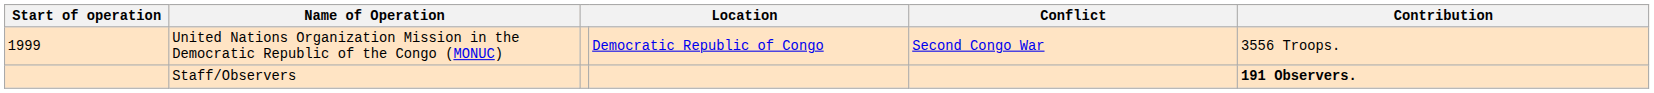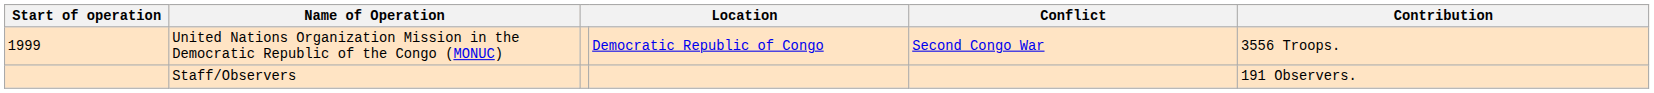 <table class="wikitable" width="98%">
 <tr bgcolor=#FFE4C4>
 <th width="10%"><strong>Start of operation</strong></th>
 <th width="25%"><strong>Name of Operation</strong></th>
 <th colspan=2; width="20%"><strong>Location</strong></th>
 <th width="20%"><strong>Conflict</strong></th>
 <th width="40%"><strong>Contribution</strong></th>
 </tr>
 <tr bgcolor=#FFE4C4>
 <td>1999</td>
 <td>United Nations Organization Mission in the Democratic Republic of the Congo (<a href='#'>MONUC</a>)</td>
 <td></td>
 <td><a href='#'>Democratic Republic of Congo</a></td>
 <td><a href='#'>Second Congo War</a></td>
 <td>3556 Troops.</td>
 </tr>
 <tr bgcolor=#FFE4C4>
 <td></td>
 <td>Staff/Observers</td>
 <td></td>
 <td></td>
 <td></td>
-<td><strong>191 Observers.</strong></td>
+<td>191 Observers.</td>
 </tr>
 </table>
